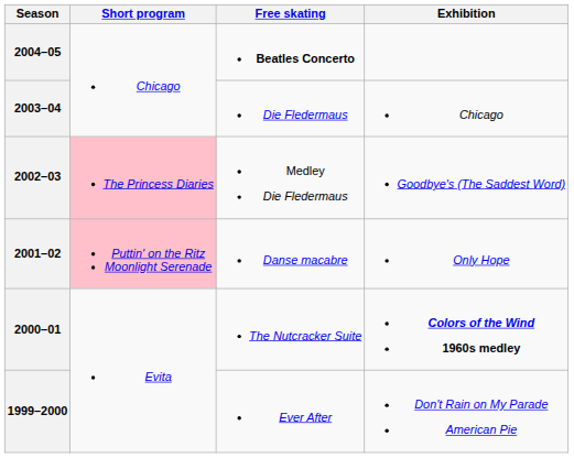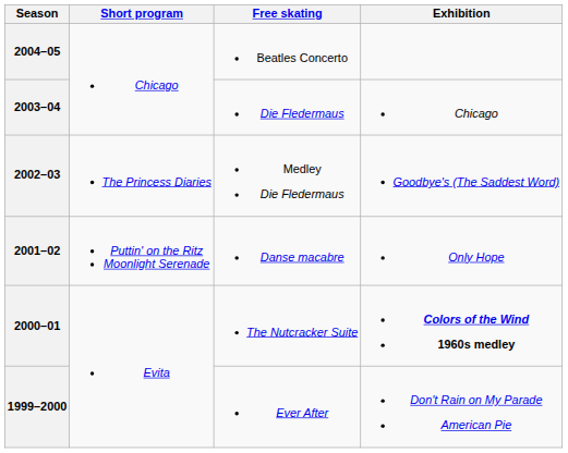 <table class="wikitable" style="text-align:center">
 <tr>
 <th>Season</th>
 <th><a href='#'>Short program</a></th>
 <th><a href='#'>Free skating</a></th>
 <th>Exhibition</th>
 </tr>
 <tr>
 <th>2004–05<br></th>
 <td rowspan=2><br><ul><li><em><a href='#'>Chicago</a></em> <br></li></ul></td>
-<td><strong><br><ul><li>Beatles Concerto <br></li></ul></strong></td>
+<td><br><ul><li>Beatles Concerto <br></li></ul></td>
 <td></td>
 </tr>
 <tr>
 <th>2003–04<br></th>
 <td><br><ul><li><em><a href='#'>Die Fledermaus</a></em><br></li></ul></td>
 <td><br><ul><li><em>Chicago</em> <br></li></ul></td>
 </tr>
 <tr>
 <th>2002–03<br></th>
-<td style="background: pink;"><br><ul><li><em><a href='#'>The Princess Diaries</a></em> <br></li></ul></td>
+<td><br><ul><li><em><a href='#'>The Princess Diaries</a></em> <br></li></ul></td>
 <td><br><ul><li>Medley <br></li></ul><ul><li><em>Die Fledermaus</em> <br></li></ul></td>
 <td><br><ul><li><em><a href='#'>Goodbye's (The Saddest Word)</a></em> <br></li></ul></td>
 </tr>
 <tr>
 <th>2001–02<br></th>
-<td style="background: pink;"><br><ul><li><em><a href='#'>Puttin' on the Ritz</a></em> <br></li><li><em><a href='#'>Moonlight Serenade</a></em> <br></li></ul></td>
+<td><br><ul><li><em><a href='#'>Puttin' on the Ritz</a></em> <br></li><li><em><a href='#'>Moonlight Serenade</a></em> <br></li></ul></td>
 <td><br><ul><li><em><a href='#'>Danse macabre</a></em> <br></li></ul></td>
 <td><br><ul><li><em><a href='#'>Only Hope</a></em> <br></li></ul></td>
 </tr>
 <tr>
 <th>2000–01<br></th>
 <td rowspan=2><br><ul><li><em><a href='#'>Evita</a></em> <br></li></ul></td>
 <td><br><ul><li><em><a href='#'>The Nutcracker Suite</a></em> <br></li></ul></td>
 <td><strong><br><ul><li><em><a href='#'>Colors of the Wind</a></em> <br></li></ul><ul><li>1960s medley <br></li></ul></strong></td>
 </tr>
 <tr>
 <th>1999–2000</th>
 <td><br><ul><li><em><a href='#'>Ever After</a></em> <br></li></ul></td>
 <td><br><ul><li><em><a href='#'>Don't Rain on My Parade</a></em> <br></li></ul><ul><li><em><a href='#'>American Pie</a></em> <br></li></ul></td>
 </tr>
 </table>
